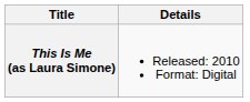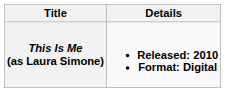 <table class="wikitable plainrowheaders" style="text-align:center;" border="1">
 <tr>
 <th>Title</th>
 <th>Details</th>
 </tr>
 <tr>
 <th scope="row"><em>This Is Me</em> <br> (as Laura Simone)</th>
-<td><br><ul><li>Released: 2010</li><li>Format: Digital</li></ul></td>
+<td><strong><br><ul><li>Released: 2010</li><li>Format: Digital</li></ul></strong></td>
 </tr>
 </table>
